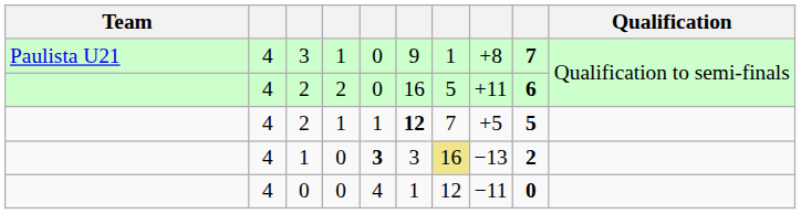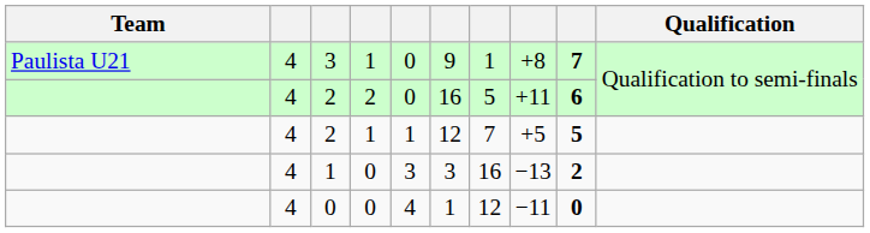 <table class="wikitable" style="text-align:center;">
 <tr>
 <th width=175>Team</th>
 <th width=20></th>
 <th width=20></th>
 <th width=20></th>
 <th width=20></th>
 <th width=20></th>
 <th width=20></th>
 <th width=20></th>
 <th width=20></th>
 <th>Qualification</th>
 </tr>
 <tr bgcolor="#ccffcc">
 <td align="left"> <a href='#'>Paulista U21</a></td>
 <td>4</td>
 <td>3</td>
 <td>1</td>
 <td>0</td>
 <td>9</td>
 <td>1</td>
 <td>+8</td>
 <td><strong>7</strong></td>
 <td rowspan="2">Qualification to semi-finals</td>
 </tr>
 <tr bgcolor="#ccffcc">
 <td align="left"></td>
 <td>4</td>
 <td>2</td>
 <td>2</td>
 <td>0</td>
 <td>16</td>
 <td>5</td>
 <td>+11</td>
 <td><strong>6</strong></td>
 </tr>
 <tr>
 <td align="left"></td>
 <td>4</td>
 <td>2</td>
 <td>1</td>
 <td>1</td>
-<td><strong>12</strong></td>
+<td>12</td>
 <td>7</td>
 <td>+5</td>
 <td><strong>5</strong></td>
 <td></td>
 </tr>
 <tr>
 <td align="left"></td>
 <td>4</td>
 <td>1</td>
 <td>0</td>
-<td><strong>3</strong></td>
 <td>3</td>
-<td style="background: khaki;">16</td>
+<td>3</td>
+<td>16</td>
 <td>−13</td>
 <td><strong>2</strong></td>
 <td></td>
 </tr>
 <tr>
 <td align="left"></td>
 <td>4</td>
 <td>0</td>
 <td>0</td>
 <td>4</td>
 <td>1</td>
 <td>12</td>
 <td>−11</td>
 <td><strong>0</strong></td>
 <td></td>
 </tr>
 </table>
